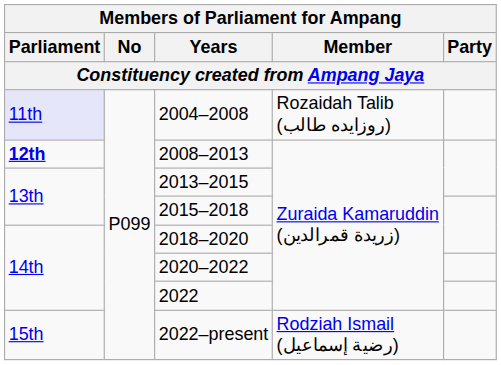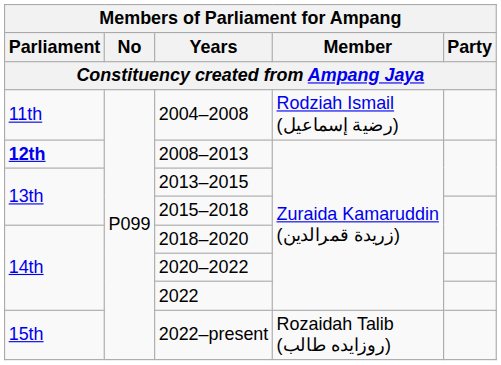 <table class=wikitable>
 <tr>
 <th colspan="5">Members of Parliament for Ampang</th>
 </tr>
 <tr>
 <th>Parliament</th>
 <th>No</th>
 <th>Years</th>
 <th>Member</th>
 <th>Party</th>
 </tr>
 <tr>
 <th colspan="5" align="center"><em>Constituency created from <a href='#'>Ampang Jaya</a></em></th>
 </tr>
 <tr>
-<td style="background: lavender;"><a href='#'>11th</a></td>
+<td><a href='#'>11th</a></td>
 <td rowspan=8>P099</td>
 <td>2004–2008</td>
-<td>Rozaidah Talib <br>(روزايده طالب)</td>
+<td><a href='#'>Rodziah Ismail</a> <br>(رضية إسماعيل)</td>
 <td></td>
 </tr>
 <tr>
 <td><strong><a href='#'>12th</a></strong></td>
 <td>2008–2013</td>
 <td rowspan=6><a href='#'>Zuraida Kamaruddin</a> <br>(زريدة قمرالدين)</td>
 <td rowspan=2></td>
 </tr>
 <tr>
 <td rowspan=2><a href='#'>13th</a></td>
 <td>2013–2015</td>
 </tr>
 <tr>
 <td>2015–2018</td>
 <td rowspan=2></td>
 </tr>
 <tr>
 <td rowspan="3"><a href='#'>14th</a></td>
 <td>2018–2020</td>
 </tr>
 <tr>
 <td>2020–2022</td>
 <td></td>
 </tr>
 <tr>
 <td>2022</td>
 <td></td>
 </tr>
 <tr>
 <td><a href='#'>15th</a></td>
 <td>2022–present</td>
-<td><a href='#'>Rodziah Ismail</a> <br>(رضية إسماعيل)</td>
+<td>Rozaidah Talib <br>(روزايده طالب)</td>
 <td></td>
 </tr>
 </table>
